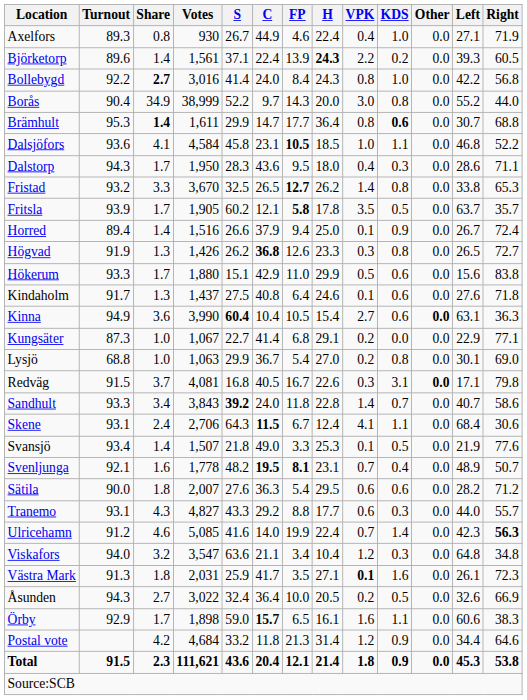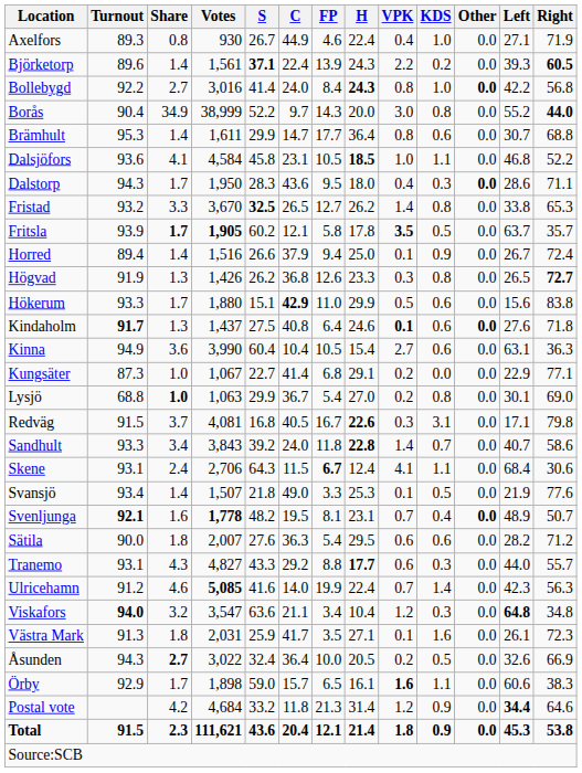 <table class="wikitable sortable" style=text-align:right>
 <tr>
 <th>Location</th>
 <th>Turnout</th>
 <th>Share</th>
 <th>Votes</th>
 <th><a href='#'>S</a></th>
 <th><a href='#'>C</a></th>
 <th><a href='#'>FP</a></th>
 <th><a href='#'>H</a></th>
 <th><a href='#'>VPK</a></th>
 <th><a href='#'>KDS</a></th>
 <th>Other</th>
 <th>Left</th>
 <th>Right</th>
 </tr>
 <tr>
 <td align=left>Axelfors</td>
 <td>89.3</td>
 <td>0.8</td>
 <td>930</td>
 <td>26.7</td>
 <td>44.9</td>
 <td>4.6</td>
 <td>22.4</td>
 <td>0.4</td>
 <td>1.0</td>
 <td>0.0</td>
 <td>27.1</td>
 <td>71.9</td>
 </tr>
 <tr>
 <td align=left><a href='#'>Björketorp</a></td>
 <td>89.6</td>
 <td>1.4</td>
 <td>1,561</td>
-<td>37.1</td>
+<td><strong>37.1</strong></td>
 <td>22.4</td>
 <td>13.9</td>
-<td><strong>24.3</strong></td>
+<td>24.3</td>
 <td>2.2</td>
 <td>0.2</td>
 <td>0.0</td>
 <td>39.3</td>
-<td>60.5</td>
+<td><strong>60.5</strong></td>
 </tr>
 <tr>
 <td align=left><a href='#'>Bollebygd</a></td>
 <td>92.2</td>
-<td><strong>2.7</strong></td>
+<td>2.7</td>
 <td>3,016</td>
 <td>41.4</td>
 <td>24.0</td>
 <td>8.4</td>
-<td>24.3</td>
+<td><strong>24.3</strong></td>
 <td>0.8</td>
 <td>1.0</td>
-<td>0.0</td>
+<td><strong>0.0</strong></td>
 <td>42.2</td>
 <td>56.8</td>
 </tr>
 <tr>
 <td align=left><a href='#'>Borås</a></td>
 <td>90.4</td>
 <td>34.9</td>
 <td>38,999</td>
 <td>52.2</td>
 <td>9.7</td>
 <td>14.3</td>
 <td>20.0</td>
 <td>3.0</td>
 <td>0.8</td>
 <td>0.0</td>
 <td>55.2</td>
-<td>44.0</td>
+<td><strong>44.0</strong></td>
 </tr>
 <tr>
 <td align=left><a href='#'>Brämhult</a></td>
 <td>95.3</td>
-<td><strong>1.4</strong></td>
+<td>1.4</td>
 <td>1,611</td>
 <td>29.9</td>
 <td>14.7</td>
 <td>17.7</td>
 <td>36.4</td>
 <td>0.8</td>
-<td><strong>0.6</strong></td>
+<td>0.6</td>
 <td>0.0</td>
 <td>30.7</td>
 <td>68.8</td>
 </tr>
 <tr>
 <td align=left><a href='#'>Dalsjöfors</a></td>
 <td>93.6</td>
 <td>4.1</td>
 <td>4,584</td>
 <td>45.8</td>
 <td>23.1</td>
-<td><strong>10.5</strong></td>
-<td>18.5</td>
+<td>10.5</td>
+<td><strong>18.5</strong></td>
 <td>1.0</td>
 <td>1.1</td>
 <td>0.0</td>
 <td>46.8</td>
 <td>52.2</td>
 </tr>
 <tr>
 <td align=left><a href='#'>Dalstorp</a></td>
 <td>94.3</td>
 <td>1.7</td>
 <td>1,950</td>
 <td>28.3</td>
 <td>43.6</td>
 <td>9.5</td>
 <td>18.0</td>
 <td>0.4</td>
 <td>0.3</td>
-<td>0.0</td>
+<td><strong>0.0</strong></td>
 <td>28.6</td>
 <td>71.1</td>
 </tr>
 <tr>
 <td align=left><a href='#'>Fristad</a></td>
 <td>93.2</td>
 <td>3.3</td>
 <td>3,670</td>
-<td>32.5</td>
+<td><strong>32.5</strong></td>
 <td>26.5</td>
-<td><strong>12.7</strong></td>
+<td>12.7</td>
 <td>26.2</td>
 <td>1.4</td>
 <td>0.8</td>
 <td>0.0</td>
 <td>33.8</td>
 <td>65.3</td>
 </tr>
 <tr>
 <td align=left><a href='#'>Fritsla</a></td>
 <td>93.9</td>
-<td>1.7</td>
-<td>1,905</td>
+<td><strong>1.7</strong></td>
+<td><strong>1,905</strong></td>
 <td>60.2</td>
 <td>12.1</td>
-<td><strong>5.8</strong></td>
+<td>5.8</td>
 <td>17.8</td>
-<td>3.5</td>
+<td><strong>3.5</strong></td>
 <td>0.5</td>
 <td>0.0</td>
 <td>63.7</td>
 <td>35.7</td>
 </tr>
 <tr>
 <td align=left><a href='#'>Horred</a></td>
 <td>89.4</td>
 <td>1.4</td>
 <td>1,516</td>
 <td>26.6</td>
 <td>37.9</td>
 <td>9.4</td>
 <td>25.0</td>
 <td>0.1</td>
 <td>0.9</td>
 <td>0.0</td>
 <td>26.7</td>
 <td>72.4</td>
 </tr>
 <tr>
 <td align=left><a href='#'>Högvad</a></td>
 <td>91.9</td>
 <td>1.3</td>
 <td>1,426</td>
 <td>26.2</td>
-<td><strong>36.8</strong></td>
+<td>36.8</td>
 <td>12.6</td>
 <td>23.3</td>
 <td>0.3</td>
 <td>0.8</td>
 <td>0.0</td>
 <td>26.5</td>
-<td>72.7</td>
+<td><strong>72.7</strong></td>
 </tr>
 <tr>
 <td align=left><a href='#'>Hökerum</a></td>
 <td>93.3</td>
 <td>1.7</td>
 <td>1,880</td>
 <td>15.1</td>
-<td>42.9</td>
+<td><strong>42.9</strong></td>
 <td>11.0</td>
 <td>29.9</td>
 <td>0.5</td>
 <td>0.6</td>
 <td>0.0</td>
 <td>15.6</td>
 <td>83.8</td>
 </tr>
 <tr>
 <td align=left>Kindaholm</td>
-<td>91.7</td>
+<td><strong>91.7</strong></td>
 <td>1.3</td>
 <td>1,437</td>
 <td>27.5</td>
 <td>40.8</td>
 <td>6.4</td>
 <td>24.6</td>
-<td>0.1</td>
+<td><strong>0.1</strong></td>
 <td>0.6</td>
-<td>0.0</td>
+<td><strong>0.0</strong></td>
 <td>27.6</td>
 <td>71.8</td>
 </tr>
 <tr>
 <td align=left><a href='#'>Kinna</a></td>
 <td>94.9</td>
 <td>3.6</td>
 <td>3,990</td>
-<td><strong>60.4</strong></td>
+<td>60.4</td>
 <td>10.4</td>
 <td>10.5</td>
 <td>15.4</td>
 <td>2.7</td>
 <td>0.6</td>
-<td><strong>0.0</strong></td>
+<td>0.0</td>
 <td>63.1</td>
 <td>36.3</td>
 </tr>
 <tr>
 <td align=left><a href='#'>Kungsäter</a></td>
 <td>87.3</td>
 <td>1.0</td>
 <td>1,067</td>
 <td>22.7</td>
 <td>41.4</td>
 <td>6.8</td>
 <td>29.1</td>
 <td>0.2</td>
 <td>0.0</td>
 <td>0.0</td>
 <td>22.9</td>
 <td>77.1</td>
 </tr>
 <tr>
 <td align=left>Lysjö</td>
 <td>68.8</td>
-<td>1.0</td>
+<td><strong>1.0</strong></td>
 <td>1,063</td>
 <td>29.9</td>
 <td>36.7</td>
 <td>5.4</td>
 <td>27.0</td>
 <td>0.2</td>
 <td>0.8</td>
 <td>0.0</td>
 <td>30.1</td>
 <td>69.0</td>
 </tr>
 <tr>
 <td align=left>Redväg</td>
 <td>91.5</td>
 <td>3.7</td>
 <td>4,081</td>
 <td>16.8</td>
 <td>40.5</td>
 <td>16.7</td>
-<td>22.6</td>
+<td><strong>22.6</strong></td>
 <td>0.3</td>
 <td>3.1</td>
-<td><strong>0.0</strong></td>
+<td>0.0</td>
 <td>17.1</td>
 <td>79.8</td>
 </tr>
 <tr>
 <td align=left><a href='#'>Sandhult</a></td>
 <td>93.3</td>
 <td>3.4</td>
 <td>3,843</td>
-<td><strong>39.2</strong></td>
+<td>39.2</td>
 <td>24.0</td>
 <td>11.8</td>
-<td>22.8</td>
+<td><strong>22.8</strong></td>
 <td>1.4</td>
 <td>0.7</td>
 <td>0.0</td>
 <td>40.7</td>
 <td>58.6</td>
 </tr>
 <tr>
 <td align=left><a href='#'>Skene</a></td>
 <td>93.1</td>
 <td>2.4</td>
 <td>2,706</td>
 <td>64.3</td>
-<td><strong>11.5</strong></td>
-<td>6.7</td>
+<td>11.5</td>
+<td><strong>6.7</strong></td>
 <td>12.4</td>
 <td>4.1</td>
 <td>1.1</td>
 <td>0.0</td>
 <td>68.4</td>
 <td>30.6</td>
 </tr>
 <tr>
 <td align=left>Svansjö</td>
 <td>93.4</td>
 <td>1.4</td>
 <td>1,507</td>
 <td>21.8</td>
 <td>49.0</td>
 <td>3.3</td>
 <td>25.3</td>
 <td>0.1</td>
 <td>0.5</td>
 <td>0.0</td>
 <td>21.9</td>
 <td>77.6</td>
 </tr>
 <tr>
 <td align=left><a href='#'>Svenljunga</a></td>
-<td>92.1</td>
+<td><strong>92.1</strong></td>
 <td>1.6</td>
-<td>1,778</td>
+<td><strong>1,778</strong></td>
 <td>48.2</td>
-<td><strong>19.5</strong></td>
-<td><strong>8.1</strong></td>
+<td>19.5</td>
+<td>8.1</td>
 <td>23.1</td>
 <td>0.7</td>
 <td>0.4</td>
-<td>0.0</td>
+<td><strong>0.0</strong></td>
 <td>48.9</td>
 <td>50.7</td>
 </tr>
 <tr>
 <td align=left><a href='#'>Sätila</a></td>
 <td>90.0</td>
 <td>1.8</td>
 <td>2,007</td>
 <td>27.6</td>
 <td>36.3</td>
 <td>5.4</td>
 <td>29.5</td>
 <td>0.6</td>
 <td>0.6</td>
 <td>0.0</td>
 <td>28.2</td>
 <td>71.2</td>
 </tr>
 <tr>
 <td align=left><a href='#'>Tranemo</a></td>
 <td>93.1</td>
 <td>4.3</td>
 <td>4,827</td>
 <td>43.3</td>
 <td>29.2</td>
 <td>8.8</td>
-<td>17.7</td>
+<td><strong>17.7</strong></td>
 <td>0.6</td>
 <td>0.3</td>
 <td>0.0</td>
 <td>44.0</td>
 <td>55.7</td>
 </tr>
 <tr>
 <td align=left><a href='#'>Ulricehamn</a></td>
 <td>91.2</td>
 <td>4.6</td>
-<td>5,085</td>
+<td><strong>5,085</strong></td>
 <td>41.6</td>
 <td>14.0</td>
 <td>19.9</td>
 <td>22.4</td>
 <td>0.7</td>
 <td>1.4</td>
 <td>0.0</td>
 <td>42.3</td>
-<td><strong>56.3</strong></td>
+<td>56.3</td>
 </tr>
 <tr>
 <td align=left><a href='#'>Viskafors</a></td>
-<td>94.0</td>
+<td><strong>94.0</strong></td>
 <td>3.2</td>
 <td>3,547</td>
 <td>63.6</td>
 <td>21.1</td>
 <td>3.4</td>
 <td>10.4</td>
 <td>1.2</td>
 <td>0.3</td>
 <td>0.0</td>
-<td>64.8</td>
+<td><strong>64.8</strong></td>
 <td>34.8</td>
 </tr>
 <tr>
 <td align=left><a href='#'>Västra Mark</a></td>
 <td>91.3</td>
 <td>1.8</td>
 <td>2,031</td>
 <td>25.9</td>
 <td>41.7</td>
 <td>3.5</td>
 <td>27.1</td>
-<td><strong>0.1</strong></td>
+<td>0.1</td>
 <td>1.6</td>
 <td>0.0</td>
 <td>26.1</td>
 <td>72.3</td>
 </tr>
 <tr>
 <td align=left>Åsunden</td>
 <td>94.3</td>
-<td>2.7</td>
+<td><strong>2.7</strong></td>
 <td>3,022</td>
 <td>32.4</td>
 <td>36.4</td>
 <td>10.0</td>
 <td>20.5</td>
 <td>0.2</td>
 <td>0.5</td>
 <td>0.0</td>
 <td>32.6</td>
 <td>66.9</td>
 </tr>
 <tr>
 <td align=left><a href='#'>Örby</a></td>
 <td>92.9</td>
 <td>1.7</td>
 <td>1,898</td>
 <td>59.0</td>
-<td><strong>15.7</strong></td>
+<td>15.7</td>
 <td>6.5</td>
 <td>16.1</td>
-<td>1.6</td>
+<td><strong>1.6</strong></td>
 <td>1.1</td>
 <td>0.0</td>
 <td>60.6</td>
 <td>38.3</td>
 </tr>
 <tr>
 <td align=left><a href='#'>Postal vote</a></td>
 <td></td>
 <td>4.2</td>
 <td>4,684</td>
 <td>33.2</td>
 <td>11.8</td>
 <td>21.3</td>
 <td>31.4</td>
 <td>1.2</td>
 <td>0.9</td>
 <td>0.0</td>
-<td>34.4</td>
+<td><strong>34.4</strong></td>
 <td>64.6</td>
 </tr>
 <tr>
 <td align=left><strong>Total</strong></td>
 <td><strong>91.5</strong></td>
 <td><strong>2.3</strong></td>
 <td><strong>111,621</strong></td>
 <td><strong>43.6</strong></td>
 <td><strong>20.4</strong></td>
 <td><strong>12.1</strong></td>
 <td><strong>21.4</strong></td>
 <td><strong>1.8</strong></td>
 <td><strong>0.9</strong></td>
 <td><strong>0.0</strong></td>
 <td><strong>45.3</strong></td>
 <td><strong>53.8</strong></td>
 </tr>
 <tr>
 <td align=left colspan=13>Source:SCB </td>
 </tr>
 </table>
